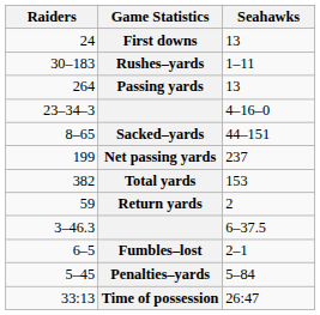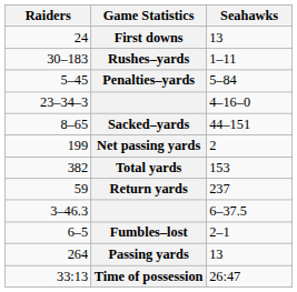 <table class="wikitable" style="margin: 1em auto 1em auto">
 <tr>
 <th style="width:30%;">Raiders</th>
 <th style="width:40%;">Game Statistics</th>
 <th style="width:30%;">Seahawks</th>
 </tr>
 <tr>
 <td style="text-align:right;">24</td>
 <th>First downs</th>
 <td>13</td>
 </tr>
 <tr>
 <td style="text-align:right;">30–183</td>
 <th>Rushes–yards</th>
 <td>1–11</td>
 </tr>
 <tr>
-<td style="text-align:right;">264</td>
-<th>Passing yards</th>
-<td>13</td>
+<td style="text-align:right;">5–45</td>
+<th>Penalties–yards</th>
+<td>5–84</td>
 </tr>
 <tr>
 <td style="text-align:right;">23–34–3</td>
 <th></th>
 <td>4–16–0</td>
 </tr>
 <tr>
 <td style="text-align:right;">8–65</td>
 <th>Sacked–yards</th>
 <td>44–151</td>
 </tr>
 <tr>
 <td style="text-align:right;">199</td>
 <th>Net passing yards</th>
-<td>237</td>
+<td>2</td>
 </tr>
 <tr>
 <td style="text-align:right;">382</td>
 <th>Total yards</th>
 <td>153</td>
 </tr>
 <tr>
 <td style="text-align:right;">59</td>
 <th>Return yards</th>
-<td>2</td>
+<td>237</td>
 </tr>
 <tr>
 <td style="text-align:right;">3–46.3</td>
 <th></th>
 <td>6–37.5</td>
 </tr>
 <tr>
 <td style="text-align:right;">6–5</td>
 <th>Fumbles–lost</th>
 <td>2–1</td>
 </tr>
 <tr>
-<td style="text-align:right;">5–45</td>
-<th>Penalties–yards</th>
-<td>5–84</td>
+<td style="text-align:right;">264</td>
+<th>Passing yards</th>
+<td>13</td>
 </tr>
 <tr>
 <td style="text-align:right;">33:13</td>
 <th>Time of possession</th>
 <td>26:47</td>
 </tr>
 </table>
